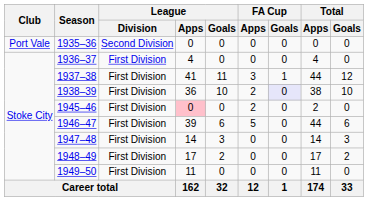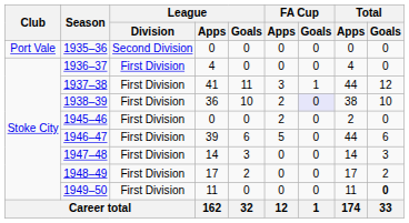 <table class="wikitable" style="text-align: center;">
 <tr>
 <th rowspan="2">Club</th>
 <th rowspan="2">Season</th>
 <th colspan="3">League</th>
 <th colspan="2">FA Cup</th>
 <th colspan="2">Total</th>
 </tr>
 <tr>
 <th>Division</th>
 <th>Apps</th>
 <th>Goals</th>
 <th>Apps</th>
 <th>Goals</th>
 <th>Apps</th>
 <th>Goals</th>
 </tr>
 <tr>
 <td><a href='#'>Port Vale</a></td>
 <td><a href='#'>1935–36</a></td>
 <td><a href='#'>Second Division</a></td>
 <td>0</td>
 <td>0</td>
 <td>0</td>
 <td>0</td>
 <td>0</td>
 <td>0</td>
 </tr>
 <tr>
 <td rowspan="8"><a href='#'>Stoke City</a></td>
 <td><a href='#'>1936–37</a></td>
 <td><a href='#'>First Division</a></td>
 <td>4</td>
 <td>0</td>
 <td>0</td>
 <td>0</td>
 <td>4</td>
 <td>0</td>
 </tr>
 <tr>
 <td><a href='#'>1937–38</a></td>
 <td>First Division</td>
 <td>41</td>
 <td>11</td>
 <td>3</td>
 <td>1</td>
 <td>44</td>
 <td>12</td>
 </tr>
 <tr>
 <td><a href='#'>1938–39</a></td>
 <td>First Division</td>
 <td>36</td>
 <td>10</td>
 <td>2</td>
 <td style="background: lavender;">0</td>
 <td>38</td>
 <td>10</td>
 </tr>
 <tr>
 <td><a href='#'>1945–46</a></td>
 <td>First Division</td>
-<td style="background: pink;">0</td>
+<td>0</td>
 <td>0</td>
 <td>2</td>
 <td>0</td>
 <td>2</td>
 <td>0</td>
 </tr>
 <tr>
 <td><a href='#'>1946–47</a></td>
 <td>First Division</td>
 <td>39</td>
 <td>6</td>
 <td>5</td>
 <td>0</td>
 <td>44</td>
 <td>6</td>
 </tr>
 <tr>
 <td><a href='#'>1947–48</a></td>
 <td>First Division</td>
 <td>14</td>
 <td>3</td>
 <td>0</td>
 <td>0</td>
 <td>14</td>
 <td>3</td>
 </tr>
 <tr>
 <td><a href='#'>1948–49</a></td>
 <td>First Division</td>
 <td>17</td>
 <td>2</td>
 <td>0</td>
 <td>0</td>
 <td>17</td>
 <td>2</td>
 </tr>
 <tr>
 <td><a href='#'>1949–50</a></td>
 <td>First Division</td>
 <td>11</td>
 <td>0</td>
 <td>0</td>
 <td>0</td>
 <td>11</td>
-<td>0</td>
+<td><strong>0</strong></td>
 </tr>
 <tr>
 <th colspan="3">Career total</th>
 <th>162</th>
 <th>32</th>
 <th>12</th>
 <th>1</th>
 <th>174</th>
 <th>33</th>
 </tr>
 </table>
